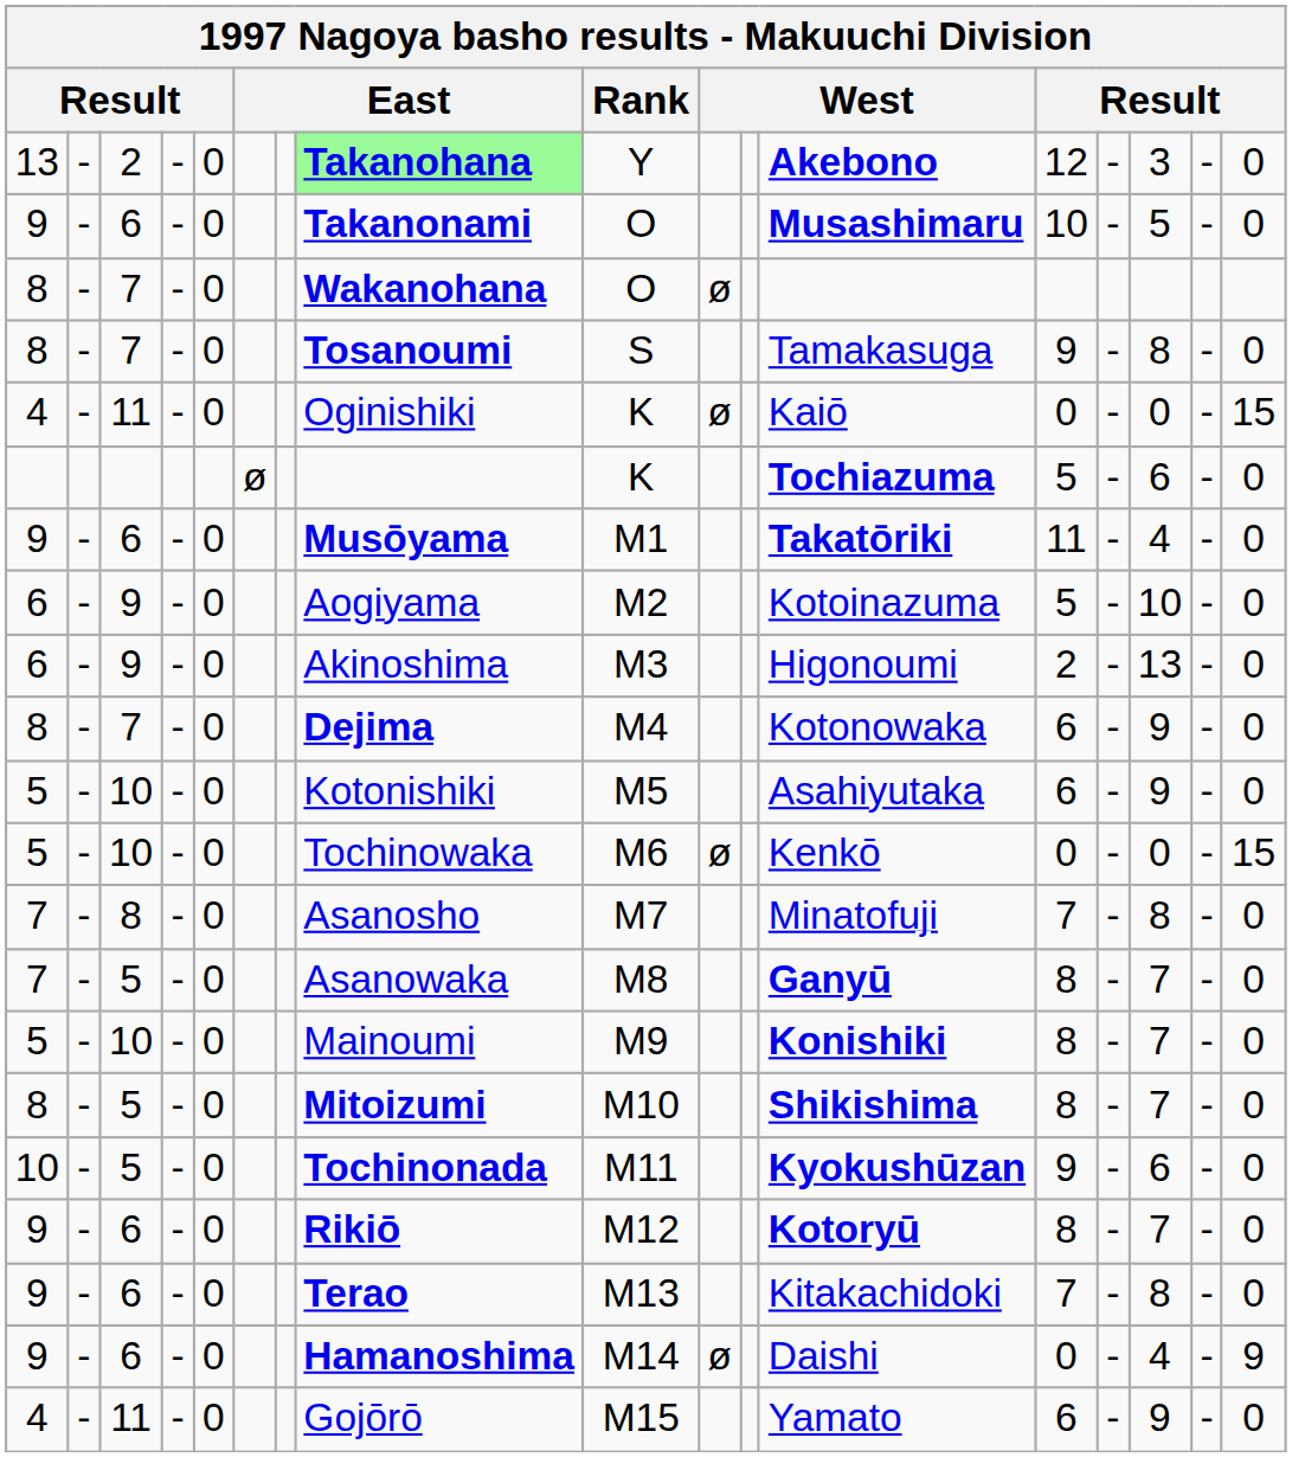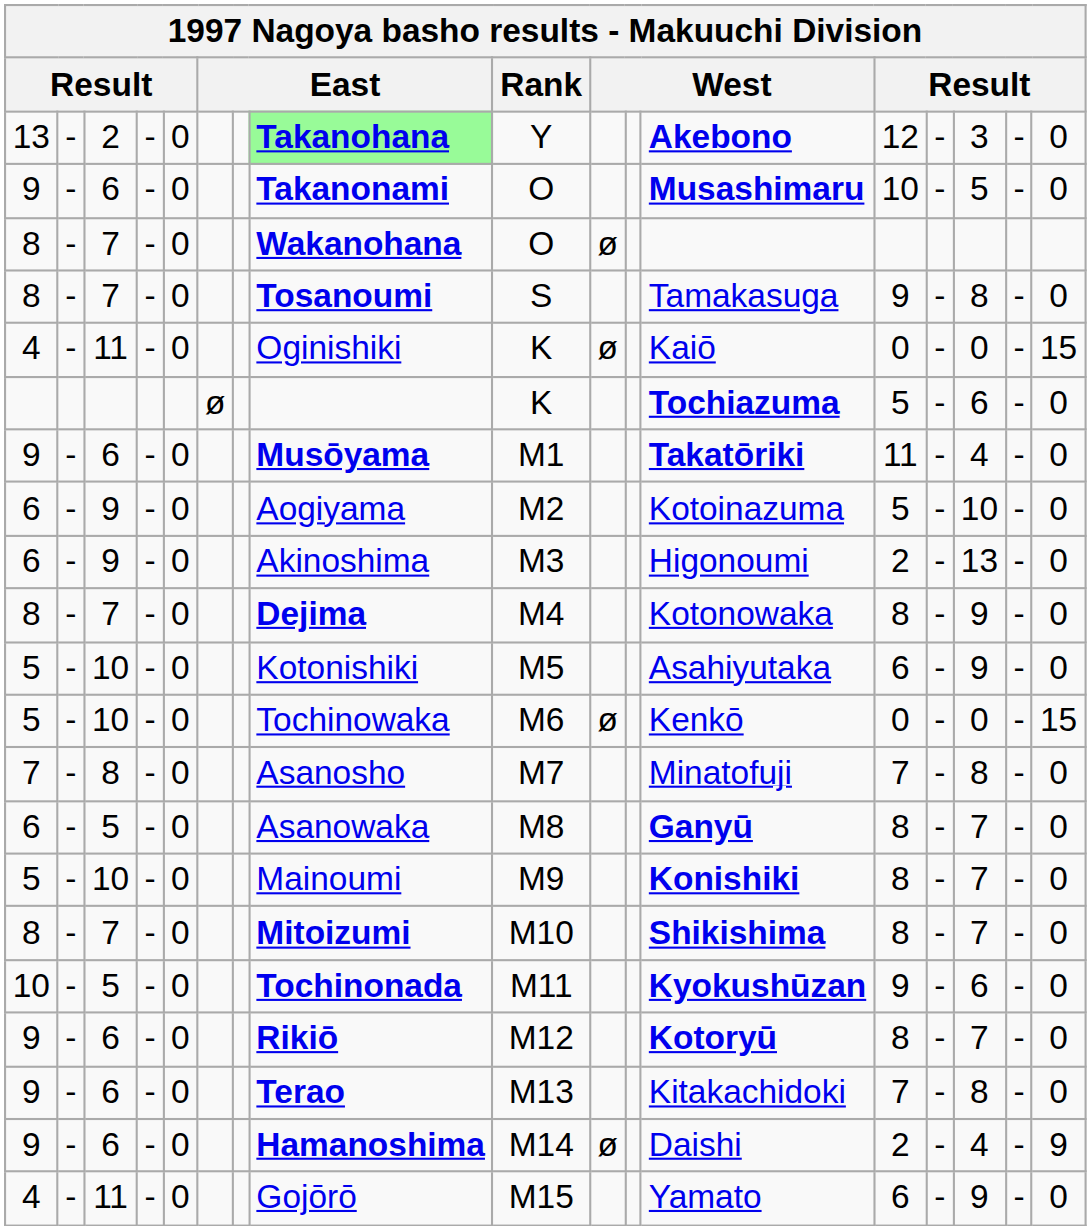 <table class="wikitable">
 <tr>
 <th colspan="17">1997 Nagoya basho results - Makuuchi Division</th>
 </tr>
 <tr>
 <th colspan="5">Result</th>
 <th colspan="3">East</th>
 <th>Rank</th>
 <th colspan="3">West</th>
 <th colspan="5">Result</th>
 </tr>
 <tr>
 <td align=center>13</td>
 <td align=center>-</td>
 <td align=center>2</td>
 <td align=center>-</td>
 <td align=center>0</td>
 <td align=center></td>
 <td align=center></td>
 <td style="background: PaleGreen;"><strong><a href='#'>Takanohana</a></strong></td>
 <td align=center>Y</td>
 <td align=center></td>
 <td align=center></td>
 <td><strong><a href='#'>Akebono</a></strong></td>
 <td align=center>12</td>
 <td align=center>-</td>
 <td align=center>3</td>
 <td align=center>-</td>
 <td align=center>0</td>
 </tr>
 <tr>
 <td align=center>9</td>
 <td align=center>-</td>
 <td align=center>6</td>
 <td align=center>-</td>
 <td align=center>0</td>
 <td align=center></td>
 <td align=center></td>
 <td><strong><a href='#'>Takanonami</a></strong></td>
 <td align=center>O</td>
 <td align=center></td>
 <td align=center></td>
 <td><strong><a href='#'>Musashimaru</a></strong></td>
 <td align=center>10</td>
 <td align=center>-</td>
 <td align=center>5</td>
 <td align=center>-</td>
 <td align=center>0</td>
 </tr>
 <tr>
 <td align=center>8</td>
 <td align=center>-</td>
 <td align=center>7</td>
 <td align=center>-</td>
 <td align=center>0</td>
 <td align=center></td>
 <td align=center></td>
 <td><strong><a href='#'>Wakanohana</a></strong></td>
 <td align=center>O</td>
 <td align=center>ø</td>
 <td align=center></td>
 <td></td>
 <td align=center></td>
 <td align=center></td>
 <td align=center></td>
 <td align=center></td>
 <td align=center></td>
 </tr>
 <tr>
 <td align=center>8</td>
 <td align=center>-</td>
 <td align=center>7</td>
 <td align=center>-</td>
 <td align=center>0</td>
 <td align=center></td>
 <td align=center></td>
 <td><strong><a href='#'>Tosanoumi</a></strong></td>
 <td align=center>S</td>
 <td align=center></td>
 <td align=center></td>
 <td><a href='#'>Tamakasuga</a></td>
 <td align=center>9</td>
 <td align=center>-</td>
 <td align=center>8</td>
 <td align=center>-</td>
 <td align=center>0</td>
 </tr>
 <tr>
 <td align=center>4</td>
 <td align=center>-</td>
 <td align=center>11</td>
 <td align=center>-</td>
 <td align=center>0</td>
 <td align=center></td>
 <td align=center></td>
 <td><a href='#'>Oginishiki</a></td>
 <td align=center>K</td>
 <td align=center>ø</td>
 <td align=center></td>
 <td><a href='#'>Kaiō</a></td>
 <td align=center>0</td>
 <td align=center>-</td>
 <td align=center>0</td>
 <td align=center>-</td>
 <td align=center>15</td>
 </tr>
 <tr>
 <td align=center></td>
 <td align=center></td>
 <td align=center></td>
 <td align=center></td>
 <td align=center></td>
 <td align=center>ø</td>
 <td align=center></td>
 <td></td>
 <td align=center>K</td>
 <td align=center></td>
 <td align=center></td>
 <td><strong><a href='#'>Tochiazuma</a></strong></td>
 <td align=center>5</td>
 <td align=center>-</td>
 <td align=center>6</td>
 <td align=center>-</td>
 <td align=center>0</td>
 </tr>
 <tr>
 <td align=center>9</td>
 <td align=center>-</td>
 <td align=center>6</td>
 <td align=center>-</td>
 <td align=center>0</td>
 <td align=center></td>
 <td align=center></td>
 <td><strong><a href='#'>Musōyama</a></strong></td>
 <td align=center>M1</td>
 <td align=center></td>
 <td align=center></td>
 <td><strong><a href='#'>Takatōriki</a></strong></td>
 <td align=center>11</td>
 <td align=center>-</td>
 <td align=center>4</td>
 <td align=center>-</td>
 <td align=center>0</td>
 </tr>
 <tr>
 <td align=center>6</td>
 <td align=center>-</td>
 <td align=center>9</td>
 <td align=center>-</td>
 <td align=center>0</td>
 <td align=center></td>
 <td align=center></td>
 <td><a href='#'>Aogiyama</a></td>
 <td align=center>M2</td>
 <td align=center></td>
 <td align=center></td>
 <td><a href='#'>Kotoinazuma</a></td>
 <td align=center>5</td>
 <td align=center>-</td>
 <td align=center>10</td>
 <td align=center>-</td>
 <td align=center>0</td>
 </tr>
 <tr>
 <td align=center>6</td>
 <td align=center>-</td>
 <td align=center>9</td>
 <td align=center>-</td>
 <td align=center>0</td>
 <td align=center></td>
 <td align=center></td>
 <td><a href='#'>Akinoshima</a></td>
 <td align=center>M3</td>
 <td align=center></td>
 <td align=center></td>
 <td><a href='#'>Higonoumi</a></td>
 <td align=center>2</td>
 <td align=center>-</td>
 <td align=center>13</td>
 <td align=center>-</td>
 <td align=center>0</td>
 </tr>
 <tr>
 <td align=center>8</td>
 <td align=center>-</td>
 <td align=center>7</td>
 <td align=center>-</td>
 <td align=center>0</td>
 <td align=center></td>
 <td align=center></td>
 <td><strong><a href='#'>Dejima</a></strong></td>
 <td align=center>M4</td>
 <td align=center></td>
 <td align=center></td>
 <td><a href='#'>Kotonowaka</a></td>
-<td align=center>6</td>
+<td align=center>8</td>
 <td align=center>-</td>
 <td align=center>9</td>
 <td align=center>-</td>
 <td align=center>0</td>
 </tr>
 <tr>
 <td align=center>5</td>
 <td align=center>-</td>
 <td align=center>10</td>
 <td align=center>-</td>
 <td align=center>0</td>
 <td align=center></td>
 <td align=center></td>
 <td><a href='#'>Kotonishiki</a></td>
 <td align=center>M5</td>
 <td align=center></td>
 <td align=center></td>
 <td><a href='#'>Asahiyutaka</a></td>
 <td align=center>6</td>
 <td align=center>-</td>
 <td align=center>9</td>
 <td align=center>-</td>
 <td align=center>0</td>
 </tr>
 <tr>
 <td align=center>5</td>
 <td align=center>-</td>
 <td align=center>10</td>
 <td align=center>-</td>
 <td align=center>0</td>
 <td align=center></td>
 <td align=center></td>
 <td><a href='#'>Tochinowaka</a></td>
 <td align=center>M6</td>
 <td align=center>ø</td>
 <td align=center></td>
 <td><a href='#'>Kenkō</a></td>
 <td align=center>0</td>
 <td align=center>-</td>
 <td align=center>0</td>
 <td align=center>-</td>
 <td align=center>15</td>
 </tr>
 <tr>
 <td align=center>7</td>
 <td align=center>-</td>
 <td align=center>8</td>
 <td align=center>-</td>
 <td align=center>0</td>
 <td align=center></td>
 <td align=center></td>
 <td><a href='#'>Asanosho</a></td>
 <td align=center>M7</td>
 <td align=center></td>
 <td align=center></td>
 <td><a href='#'>Minatofuji</a></td>
 <td align=center>7</td>
 <td align=center>-</td>
 <td align=center>8</td>
 <td align=center>-</td>
 <td align=center>0</td>
 </tr>
 <tr>
-<td align=center>7</td>
+<td align=center>6</td>
 <td align=center>-</td>
 <td align=center>5</td>
 <td align=center>-</td>
 <td align=center>0</td>
 <td align=center></td>
 <td align=center></td>
 <td><a href='#'>Asanowaka</a></td>
 <td align=center>M8</td>
 <td align=center></td>
 <td align=center></td>
 <td><strong><a href='#'>Ganyū</a></strong></td>
 <td align=center>8</td>
 <td align=center>-</td>
 <td align=center>7</td>
 <td align=center>-</td>
 <td align=center>0</td>
 </tr>
 <tr>
 <td align=center>5</td>
 <td align=center>-</td>
 <td align=center>10</td>
 <td align=center>-</td>
 <td align=center>0</td>
 <td align=center></td>
 <td align=center></td>
 <td><a href='#'>Mainoumi</a></td>
 <td align=center>M9</td>
 <td align=center></td>
 <td align=center></td>
 <td><strong><a href='#'>Konishiki</a></strong></td>
 <td align=center>8</td>
 <td align=center>-</td>
 <td align=center>7</td>
 <td align=center>-</td>
 <td align=center>0</td>
 </tr>
 <tr>
 <td align=center>8</td>
 <td align=center>-</td>
-<td align=center>5</td>
+<td align=center>7</td>
 <td align=center>-</td>
 <td align=center>0</td>
 <td align=center></td>
 <td align=center></td>
 <td><strong><a href='#'>Mitoizumi</a></strong></td>
 <td align=center>M10</td>
 <td align=center></td>
 <td align=center></td>
 <td><strong><a href='#'>Shikishima</a></strong></td>
 <td align=center>8</td>
 <td align=center>-</td>
 <td align=center>7</td>
 <td align=center>-</td>
 <td align=center>0</td>
 </tr>
 <tr>
 <td align=center>10</td>
 <td align=center>-</td>
 <td align=center>5</td>
 <td align=center>-</td>
 <td align=center>0</td>
 <td align=center></td>
 <td align=center></td>
 <td><strong><a href='#'>Tochinonada</a></strong></td>
 <td align=center>M11</td>
 <td align=center></td>
 <td align=center></td>
 <td><strong><a href='#'>Kyokushūzan</a></strong></td>
 <td align=center>9</td>
 <td align=center>-</td>
 <td align=center>6</td>
 <td align=center>-</td>
 <td align=center>0</td>
 </tr>
 <tr>
 <td align=center>9</td>
 <td align=center>-</td>
 <td align=center>6</td>
 <td align=center>-</td>
 <td align=center>0</td>
 <td align=center></td>
 <td align=center></td>
 <td><strong><a href='#'>Rikiō</a></strong></td>
 <td align=center>M12</td>
 <td align=center></td>
 <td align=center></td>
 <td><strong><a href='#'>Kotoryū</a></strong></td>
 <td align=center>8</td>
 <td align=center>-</td>
 <td align=center>7</td>
 <td align=center>-</td>
 <td align=center>0</td>
 </tr>
 <tr>
 <td align=center>9</td>
 <td align=center>-</td>
 <td align=center>6</td>
 <td align=center>-</td>
 <td align=center>0</td>
 <td align=center></td>
 <td align=center></td>
 <td><strong><a href='#'>Terao</a></strong></td>
 <td align=center>M13</td>
 <td align=center></td>
 <td align=center></td>
 <td><a href='#'>Kitakachidoki</a></td>
 <td align=center>7</td>
 <td align=center>-</td>
 <td align=center>8</td>
 <td align=center>-</td>
 <td align=center>0</td>
 </tr>
 <tr>
 <td align=center>9</td>
 <td align=center>-</td>
 <td align=center>6</td>
 <td align=center>-</td>
 <td align=center>0</td>
 <td align=center></td>
 <td align=center></td>
 <td><strong><a href='#'>Hamanoshima</a></strong></td>
 <td align=center>M14</td>
 <td align=center>ø</td>
 <td align=center></td>
 <td><a href='#'>Daishi</a></td>
-<td align=center>0</td>
+<td align=center>2</td>
 <td align=center>-</td>
 <td align=center>4</td>
 <td align=center>-</td>
 <td align=center>9</td>
 </tr>
 <tr>
 <td align=center>4</td>
 <td align=center>-</td>
 <td align=center>11</td>
 <td align=center>-</td>
 <td align=center>0</td>
 <td align=center></td>
 <td align=center></td>
 <td><a href='#'>Gojōrō</a></td>
 <td align=center>M15</td>
 <td align=center></td>
 <td align=center></td>
 <td><a href='#'>Yamato</a></td>
 <td align=center>6</td>
 <td align=center>-</td>
 <td align=center>9</td>
 <td align=center>-</td>
 <td align=center>0</td>
 </tr>
 </table>
